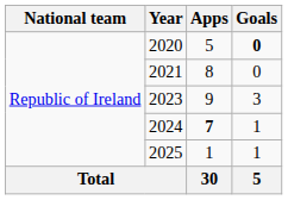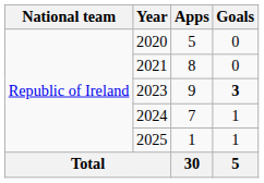 <table class=wikitable style=text-align:center>
 <tr>
 <th>National team</th>
 <th>Year</th>
 <th>Apps</th>
 <th>Goals</th>
 </tr>
 <tr>
 <td rowspan="5"><a href='#'>Republic of Ireland</a></td>
 <td>2020</td>
 <td>5</td>
-<td><strong>0</strong></td>
+<td>0</td>
 </tr>
 <tr>
 <td>2021</td>
 <td>8</td>
 <td>0</td>
 </tr>
 <tr>
 <td>2023</td>
 <td>9</td>
-<td>3</td>
+<td><strong>3</strong></td>
 </tr>
 <tr>
 <td>2024</td>
-<td><strong>7</strong></td>
+<td>7</td>
 <td>1</td>
 </tr>
 <tr>
 <td>2025</td>
 <td>1</td>
 <td>1</td>
 </tr>
 <tr>
 <th colspan="2">Total</th>
 <th>30</th>
 <th>5</th>
 </tr>
 </table>
